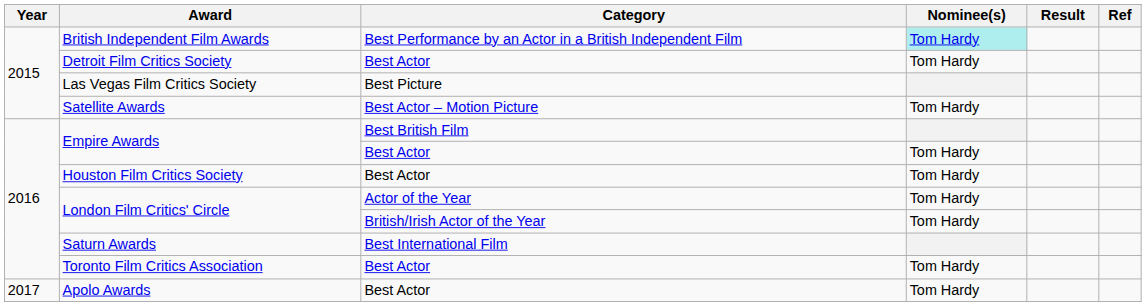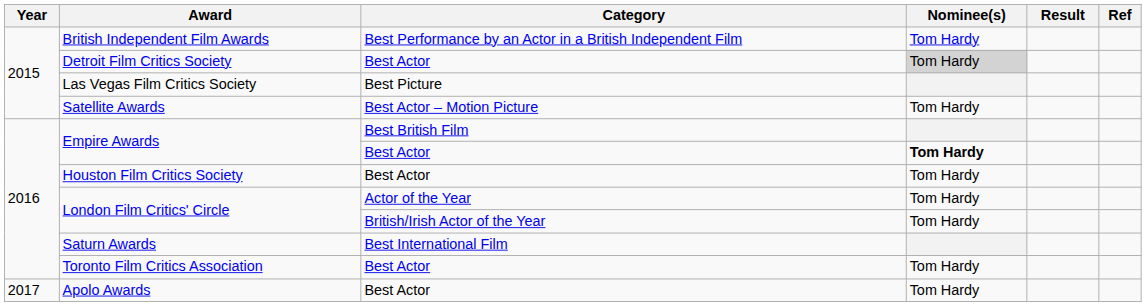 <table class="wikitable" style="width: 100%; margin-right: 0;">
 <tr>
 <th>Year</th>
 <th>Award</th>
 <th>Category</th>
 <th>Nominee(s)</th>
 <th>Result</th>
 <th>Ref</th>
 </tr>
 <tr>
 <td rowspan="4">2015</td>
 <td><a href='#'>British Independent Film Awards</a></td>
 <td><a href='#'>Best Performance by an Actor in a British Independent Film</a></td>
-<td style="background: paleturquoise;"><a href='#'>Tom Hardy</a></td>
+<td><a href='#'>Tom Hardy</a></td>
 <td></td>
 <td></td>
 </tr>
 <tr>
 <td><a href='#'>Detroit Film Critics Society</a></td>
 <td><a href='#'>Best Actor</a></td>
-<td>Tom Hardy</td>
+<td style="background: lightgrey;">Tom Hardy</td>
 <td></td>
 <td></td>
 </tr>
 <tr>
 <td>Las Vegas Film Critics Society</td>
 <td>Best Picture</td>
 <th></th>
 <td></td>
 <td></td>
 </tr>
 <tr>
 <td><a href='#'>Satellite Awards</a></td>
 <td><a href='#'>Best Actor – Motion Picture</a></td>
 <td>Tom Hardy</td>
 <td></td>
 <td></td>
 </tr>
 <tr>
 <td rowspan="7">2016</td>
 <td rowspan="2"><a href='#'>Empire Awards</a></td>
 <td><a href='#'>Best British Film</a></td>
 <th></th>
 <td></td>
 <td></td>
 </tr>
 <tr>
 <td><a href='#'>Best Actor</a></td>
-<td>Tom Hardy</td>
+<td><strong>Tom Hardy</strong></td>
 <td></td>
 <td></td>
 </tr>
 <tr>
 <td><a href='#'>Houston Film Critics Society</a></td>
 <td>Best Actor</td>
 <td>Tom Hardy</td>
 <td></td>
 <td></td>
 </tr>
 <tr>
 <td rowspan="2"><a href='#'>London Film Critics' Circle</a></td>
 <td><a href='#'>Actor of the Year</a></td>
 <td>Tom Hardy</td>
 <td></td>
 <td></td>
 </tr>
 <tr>
 <td><a href='#'>British/Irish Actor of the Year</a></td>
 <td>Tom Hardy</td>
 <td></td>
 <td></td>
 </tr>
 <tr>
 <td><a href='#'>Saturn Awards</a></td>
 <td><a href='#'>Best International Film</a></td>
 <th></th>
 <td></td>
 <td></td>
 </tr>
 <tr>
 <td><a href='#'>Toronto Film Critics Association</a></td>
 <td><a href='#'>Best Actor</a></td>
 <td>Tom Hardy</td>
 <td></td>
 <td></td>
 </tr>
 <tr>
 <td>2017</td>
 <td><a href='#'>Apolo Awards</a></td>
 <td>Best Actor</td>
 <td>Tom Hardy</td>
 <td></td>
 <td></td>
 </tr>
 </table>
